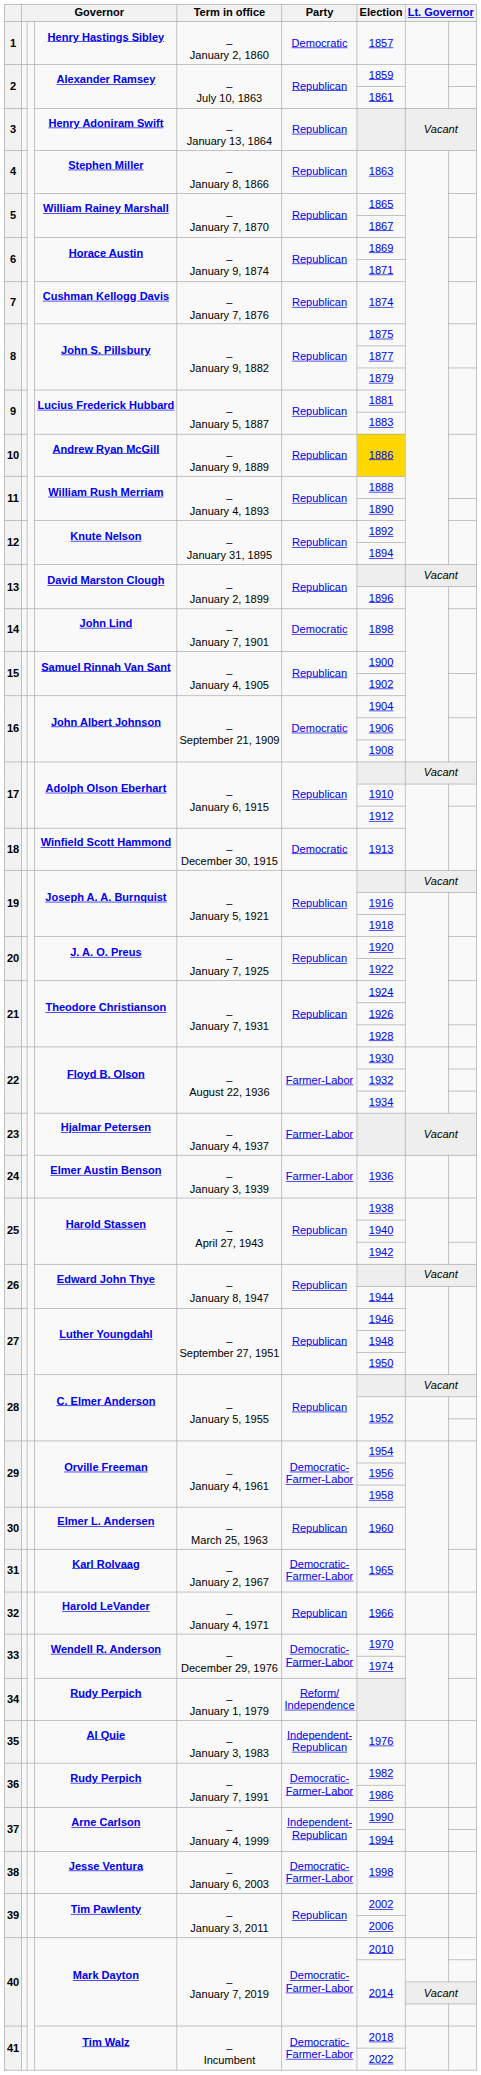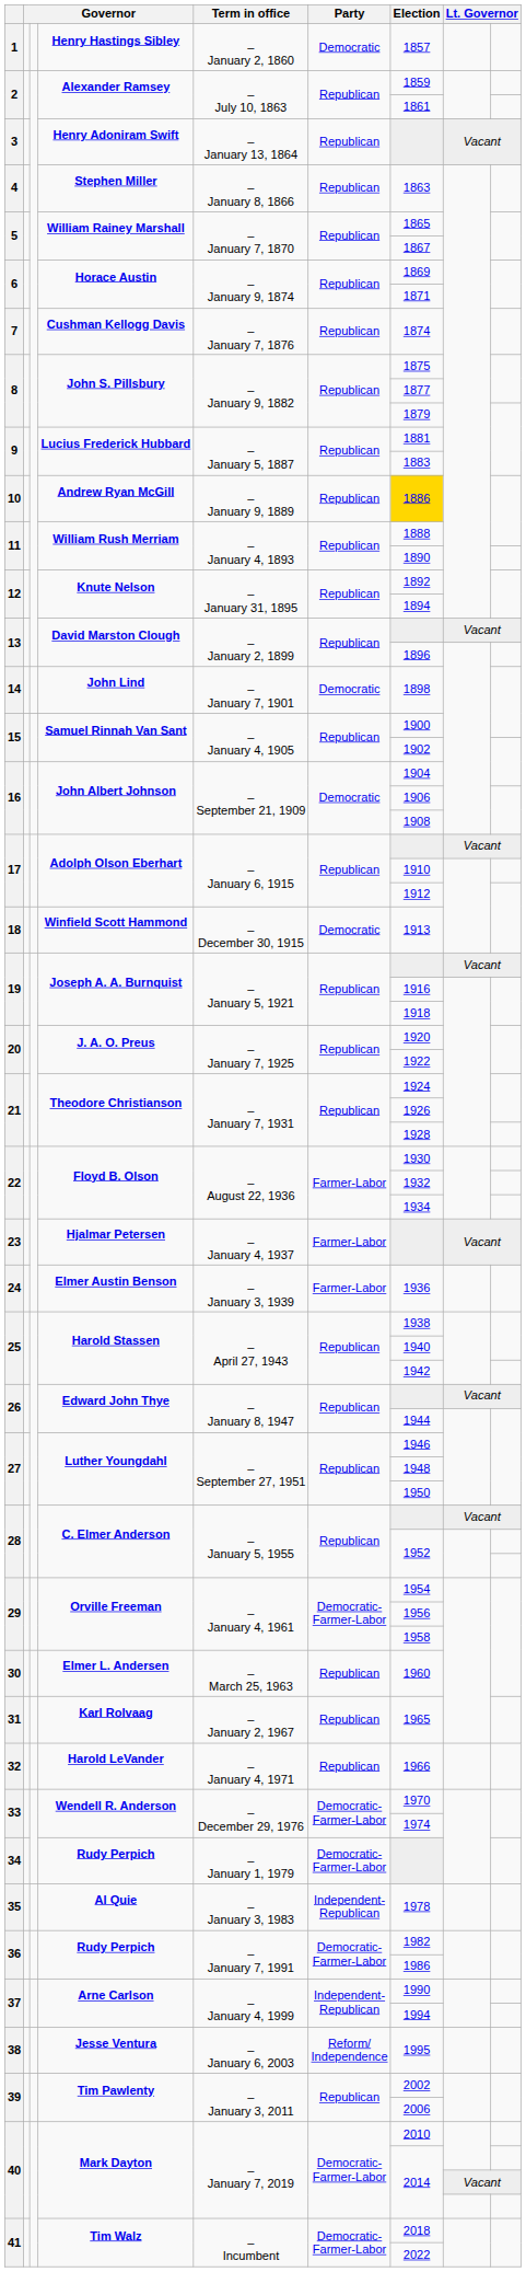 <table class="wikitable sortable mw-collapsible sticky-header-multi" style="text-align:center;">
 <tr>
 <th scope="col" data-sort-type="number"></th>
 <th scope="colgroup" colspan="3">Governor</th>
 <th scope="col">Term in office</th>
 <th scope="col">Party</th>
 <th scope="col">Election</th>
 <th scope="colgroup" colspan="2"><a href='#'>Lt. Governor</a></th>
 </tr>
 <tr style="height:2em;">
 <th scope="row">1</th>
 <td data-sort-value="Sibley, Henry"></td>
 <td style="background:"> </td>
 <td><strong><a href='#'>Henry Hastings Sibley</a></strong><br><br></td>
 <td><br>–<br>January 2, 1860<br></td>
 <td><a href='#'>Democratic</a></td>
 <td><a href='#'>1857</a></td>
 <td style="background:"> </td>
 <td></td>
 </tr>
 <tr style="height:2em;">
 <th rowspan="2" scope="rowgroup">2</th>
 <td rowspan="2" data-sort-value="Ramsey, Alexander"></td>
 <td rowspan="21" style="color:inherit;background:"></td>
 <td rowspan="2"><strong><a href='#'>Alexander Ramsey</a></strong><br><br></td>
 <td rowspan="2"><br>–<br>July 10, 1863<br></td>
 <td rowspan="2"><a href='#'>Republican</a></td>
 <td><a href='#'>1859</a></td>
 <td rowspan="2" style="color:inherit;background:"></td>
 <td></td>
 </tr>
 <tr style="height:2em;">
 <td><a href='#'>1861</a></td>
 <td></td>
 </tr>
 <tr style="height:2em;">
 <th scope="row">3</th>
 <td data-sort-value="Swift, Henry"></td>
 <td><strong><a href='#'>Henry Adoniram Swift</a></strong><br><br></td>
 <td><br>–<br>January 13, 1864<br></td>
 <td><a href='#'>Republican</a></td>
 <td style="background:#EEEEEE"></td>
 <td colspan="2" style="background:#EEEEEE;"><em>Vacant</em></td>
 </tr>
 <tr style="height:2em;">
 <th scope="row">4</th>
 <td data-sort-value="Miller, Stephen"></td>
 <td><strong><a href='#'>Stephen Miller</a></strong><br><br></td>
 <td><br>–<br>January 8, 1866<br></td>
 <td><a href='#'>Republican</a></td>
 <td><a href='#'>1863</a></td>
 <td rowspan="16" style="color:inherit;background:"></td>
 <td></td>
 </tr>
 <tr style="height:2em;">
 <th rowspan="2" scope="rowgroup">5</th>
 <td rowspan="2" data-sort-value="Marshall, William"></td>
 <td rowspan="2"><strong><a href='#'>William Rainey Marshall</a></strong><br><br></td>
 <td rowspan="2"><br>–<br>January 7, 1870<br></td>
 <td rowspan="2"><a href='#'>Republican</a></td>
 <td><a href='#'>1865</a></td>
 <td rowspan="2"></td>
 </tr>
 <tr style="height:2em;">
 <td><a href='#'>1867</a></td>
 </tr>
 <tr style="height:2em;">
 <th rowspan="2" scope="rowgroup">6</th>
 <td rowspan="2" data-sort-value="Austin, Horace"></td>
 <td rowspan="2"><strong><a href='#'>Horace Austin</a></strong><br><br></td>
 <td rowspan="2"><br>–<br>January 9, 1874<br></td>
 <td rowspan="2"><a href='#'>Republican</a></td>
 <td><a href='#'>1869</a></td>
 <td rowspan="2"></td>
 </tr>
 <tr style="height:2em;">
 <td><a href='#'>1871</a></td>
 </tr>
 <tr style="height:2em;">
 <th scope="row">7</th>
 <td data-sort-value="Davis, Cushman"></td>
 <td><strong><a href='#'>Cushman Kellogg Davis</a></strong><br><br></td>
 <td><br>–<br>January 7, 1876<br></td>
 <td><a href='#'>Republican</a></td>
 <td><a href='#'>1874</a></td>
 <td></td>
 </tr>
 <tr style="height:2em;">
 <th rowspan="3" scope="rowgroup">8</th>
 <td rowspan="3" data-sort-value="Pillsbury, John"></td>
 <td rowspan="3"><strong><a href='#'>John S. Pillsbury</a></strong><br><br></td>
 <td rowspan="3"><br>–<br>January 9, 1882<br></td>
 <td rowspan="3"><a href='#'>Republican</a></td>
 <td><a href='#'>1875</a></td>
 <td rowspan="2"></td>
 </tr>
 <tr style="height:2em;">
 <td><a href='#'>1877</a></td>
 </tr>
 <tr style="height:2em;">
 <td><a href='#'>1879</a></td>
 <td rowspan="3"></td>
 </tr>
 <tr style="height:2em;">
 <th rowspan="2" scope="rowgroup">9</th>
 <td rowspan="2" data-sort-value="Hubbard, Lucius"></td>
 <td rowspan="2"><strong><a href='#'>Lucius Frederick Hubbard</a></strong><br><br></td>
 <td rowspan="2"><br>–<br>January 5, 1887<br></td>
 <td rowspan="2"><a href='#'>Republican</a></td>
 <td><a href='#'>1881</a></td>
 </tr>
 <tr style="height:2em;">
 <td><a href='#'>1883</a></td>
 </tr>
 <tr style="height:2em;">
 <th scope="row">10</th>
 <td data-sort-value="McGill, Andrew"></td>
 <td><strong><a href='#'>Andrew Ryan McGill</a></strong><br><br></td>
 <td><br>–<br>January 9, 1889<br></td>
 <td><a href='#'>Republican</a></td>
 <td style="background: gold;"><a href='#'>1886</a></td>
 <td rowspan="2"></td>
 </tr>
 <tr style="height:2em;">
 <th rowspan="2" scope="rowgroup">11</th>
 <td rowspan="2" data-sort-value="Merriam, William"></td>
 <td rowspan="2"><strong><a href='#'>William Rush Merriam</a></strong><br><br></td>
 <td rowspan="2"><br>–<br>January 4, 1893<br></td>
 <td rowspan="2"><a href='#'>Republican</a></td>
 <td><a href='#'>1888</a></td>
 </tr>
 <tr style="height:2em;">
 <td><a href='#'>1890</a></td>
 <td></td>
 </tr>
 <tr style="height:2em;">
 <th rowspan="2" scope="rowgroup">12</th>
 <td rowspan="2" data-sort-value="Nelson, Knute"></td>
 <td rowspan="2"><strong><a href='#'>Knute Nelson</a></strong><br><br></td>
 <td rowspan="2"><br>–<br>January 31, 1895<br></td>
 <td rowspan="2"><a href='#'>Republican</a></td>
 <td><a href='#'>1892</a></td>
 <td rowspan="2"></td>
 </tr>
 <tr style="height:2em;">
 <td><a href='#'>1894</a></td>
 </tr>
 <tr style="height:2em;">
 <th rowspan="2" scope="rowgroup">13</th>
 <td rowspan="2" data-sort-value="Clough, David"></td>
 <td rowspan="2"><strong><a href='#'>David Marston Clough</a></strong><br><br></td>
 <td rowspan="2"><br>–<br>January 2, 1899<br></td>
 <td rowspan="2"><a href='#'>Republican</a></td>
 <td style="background:#EEEEEE"></td>
 <td colspan="2" style="background:#EEEEEE;"><em>Vacant</em></td>
 </tr>
 <tr style="height:2em;">
 <td><a href='#'>1896</a></td>
 <td rowspan="7" style="color:inherit;background:"></td>
 <td></td>
 </tr>
 <tr style="height:2em;">
 <th scope="row">14</th>
 <td data-sort-value="Lind, John"></td>
 <td style="color:inherit;background:"></td>
 <td><strong><a href='#'>John Lind</a></strong><br><br></td>
 <td><br>–<br>January 7, 1901<br></td>
 <td><a href='#'>Democratic</a></td>
 <td><a href='#'>1898</a></td>
 <td rowspan="2"></td>
 </tr>
 <tr style="height:2em;">
 <th rowspan="2" scope="rowgroup">15</th>
 <td rowspan="2" data-sort-value="Van Sant, Samuel"></td>
 <td rowspan="2" style="color:inherit;background:"></td>
 <td rowspan="2"><strong><a href='#'>Samuel Rinnah Van Sant</a></strong><br><br></td>
 <td rowspan="2"><br>–<br>January 4, 1905<br></td>
 <td rowspan="2"><a href='#'>Republican</a></td>
 <td><a href='#'>1900</a></td>
 </tr>
 <tr style="height:2em;">
 <td><a href='#'>1902</a></td>
 <td rowspan="2"></td>
 </tr>
 <tr style="height:2em;">
 <th rowspan="3" scope="rowgroup">16</th>
 <td rowspan="3" data-sort-value="Johnson, John"></td>
 <td rowspan="3" style="color:inherit;background:"></td>
 <td rowspan="3"><strong><a href='#'>John Albert Johnson</a></strong><br><br></td>
 <td rowspan="3"><br>–<br>September 21, 1909<br></td>
 <td rowspan="3"><a href='#'>Democratic</a></td>
 <td><a href='#'>1904</a></td>
 </tr>
 <tr style="height:2em;">
 <td><a href='#'>1906</a></td>
 <td rowspan="2"></td>
 </tr>
 <tr style="height:2em;">
 <td><a href='#'>1908</a></td>
 </tr>
 <tr style="height:2em;">
 <th rowspan="3" scope="rowgroup">17</th>
 <td rowspan="3" data-sort-value="Eberhart, Adolph"></td>
 <td rowspan="3" style="color:inherit;background:"></td>
 <td rowspan="3"><strong><a href='#'>Adolph Olson Eberhart</a></strong><br><br></td>
 <td rowspan="3"><br>–<br>January 6, 1915<br></td>
 <td rowspan="3"><a href='#'>Republican</a></td>
 <td style="background:#EEEEEE"></td>
 <td colspan="2" style="background:#EEEEEE;"><em>Vacant</em></td>
 </tr>
 <tr style="height:2em;">
 <td><a href='#'>1910</a></td>
 <td rowspan="3" style="color:inherit;background:"></td>
 <td></td>
 </tr>
 <tr style="height:2em;">
 <td><a href='#'>1912</a></td>
 <td rowspan="2"></td>
 </tr>
 <tr style="height:2em;">
 <th scope="row">18</th>
 <td data-sort-value="Hammond, Winfield"></td>
 <td style="color:inherit;background:"></td>
 <td><strong><a href='#'>Winfield Scott Hammond</a></strong><br><br></td>
 <td><br>–<br> December 30, 1915<br></td>
 <td><a href='#'>Democratic</a></td>
 <td><a href='#'>1913</a></td>
 </tr>
 <tr style="height:2em;">
 <th rowspan="3" scope="rowgroup">19</th>
 <td rowspan="3" data-sort-value="Burnquist, Joseph"></td>
 <td rowspan="8" style="color:inherit;background:"></td>
 <td rowspan="3"><strong><a href='#'>Joseph A. A. Burnquist</a></strong><br><br></td>
 <td rowspan="3"><br>–<br>January 5, 1921<br></td>
 <td rowspan="3"><a href='#'>Republican</a></td>
 <td style="background:#EEEEEE"></td>
 <td colspan="2" style="background:#EEEEEE;"><em>Vacant</em></td>
 </tr>
 <tr style="height:2em;">
 <td><a href='#'>1916</a></td>
 <td rowspan="7" style="color:inherit;background:"></td>
 <td rowspan="2"></td>
 </tr>
 <tr style="height:2em;">
 <td><a href='#'>1918</a></td>
 </tr>
 <tr style="height:2em;">
 <th rowspan="2" scope="rowgroup">20</th>
 <td rowspan="2" data-sort-value="Preus, J."></td>
 <td rowspan="2"><strong><a href='#'>J. A. O. Preus</a></strong><br><br></td>
 <td rowspan="2"><br>–<br>January 7, 1925<br></td>
 <td rowspan="2"><a href='#'>Republican</a></td>
 <td><a href='#'>1920</a></td>
 <td rowspan="2"></td>
 </tr>
 <tr style="height:2em;">
 <td><a href='#'>1922</a></td>
 </tr>
 <tr style="height:2em;">
 <th rowspan="3" scope="rowgroup">21</th>
 <td rowspan="3" data-sort-value="Christianson, Theodore"></td>
 <td rowspan="3"><strong><a href='#'>Theodore Christianson</a></strong><br><br></td>
 <td rowspan="3"><br>–<br>January 7, 1931<br></td>
 <td rowspan="3"><a href='#'>Republican</a></td>
 <td><a href='#'>1924</a></td>
 <td rowspan="2"></td>
 </tr>
 <tr style="height:2em;">
 <td><a href='#'>1926</a></td>
 </tr>
 <tr style="height:2em;">
 <td><a href='#'>1928</a></td>
 <td></td>
 </tr>
 <tr style="height:2em;">
 <th rowspan="3" scope="rowgroup">22</th>
 <td rowspan="3" data-sort-value="Olson, Floyd"></td>
 <td rowspan="5" style="color:inherit;background:"></td>
 <td rowspan="3"><strong><a href='#'>Floyd B. Olson</a></strong><br><br></td>
 <td rowspan="3"><br>–<br>August 22, 1936<br></td>
 <td rowspan="3"><a href='#'>Farmer-Labor</a></td>
 <td><a href='#'>1930</a></td>
 <td rowspan="3" style="color:inherit;background:"></td>
 <td></td>
 </tr>
 <tr style="height:2em;">
 <td><a href='#'>1932</a></td>
 <td></td>
 </tr>
 <tr style="height:2em;">
 <td><a href='#'>1934</a></td>
 <td></td>
 </tr>
 <tr style="height:2em;">
 <th scope="row">23</th>
 <td data-sort-value="Petersen, Hjalmar"></td>
 <td><strong><a href='#'>Hjalmar Petersen</a></strong><br><br></td>
 <td><br>–<br>January 4, 1937<br></td>
 <td><a href='#'>Farmer-Labor</a></td>
 <td style="background:#EEEEEE"></td>
 <td colspan="2" style="background:#EEEEEE;"><em>Vacant</em></td>
 </tr>
 <tr style="height:2em;">
 <th scope="row">24</th>
 <td data-sort-value="Benson, Elmer"></td>
 <td><strong><a href='#'>Elmer Austin Benson</a></strong><br><br></td>
 <td><br>–<br>January 3, 1939<br></td>
 <td><a href='#'>Farmer-Labor</a></td>
 <td><a href='#'>1936</a></td>
 <td style="color:inherit;background:"></td>
 <td></td>
 </tr>
 <tr style="height:2em;">
 <th rowspan="3" scope="rowgroup">25</th>
 <td rowspan="3" data-sort-value="Stassen, Harold"></td>
 <td rowspan="11" style="color:inherit;background:"></td>
 <td rowspan="3"><strong><a href='#'>Harold Stassen</a></strong><br><br></td>
 <td rowspan="3"><br>–<br>April 27, 1943<br></td>
 <td rowspan="3"><a href='#'>Republican</a></td>
 <td><a href='#'>1938</a></td>
 <td rowspan="3" style="color:inherit;background:"></td>
 <td rowspan="2"></td>
 </tr>
 <tr style="height:2em;">
 <td><a href='#'>1940</a></td>
 </tr>
 <tr style="height:2em;">
 <td><a href='#'>1942</a></td>
 <td></td>
 </tr>
 <tr style="height:2em;">
 <th rowspan="2" scope="rowgroup">26</th>
 <td rowspan="2" data-sort-value="Thye, Edward"></td>
 <td rowspan="2"><strong><a href='#'>Edward John Thye</a></strong><br><br></td>
 <td rowspan="2"><br>–<br>January 8, 1947<br></td>
 <td rowspan="2"><a href='#'>Republican</a></td>
 <td style="background:#EEEEEE"></td>
 <td colspan="2" style="background:#EEEEEE;"><em>Vacant</em></td>
 </tr>
 <tr style="height:2em;">
 <td><a href='#'>1944</a></td>
 <td rowspan="4" style="color:inherit;background:"></td>
 <td rowspan="4"></td>
 </tr>
 <tr style="height:2em;">
 <th rowspan="3" scope="rowgroup">27</th>
 <td rowspan="3" data-sort-value="Youngdahl, Luther"></td>
 <td rowspan="3"><strong><a href='#'>Luther Youngdahl</a></strong><br><br></td>
 <td rowspan="3"><br>–<br>September 27, 1951<br></td>
 <td rowspan="3"><a href='#'>Republican</a></td>
 <td><a href='#'>1946</a></td>
 </tr>
 <tr style="height:2em;">
 <td><a href='#'>1948</a></td>
 </tr>
 <tr style="height:2em;">
 <td><a href='#'>1950</a></td>
 </tr>
 <tr style="height:2em;">
 <th rowspan="3" scope="rowgroup">28</th>
 <td rowspan="3" data-sort-value="Anderson, Elmer"></td>
 <td rowspan="3"><strong><a href='#'>C. Elmer Anderson</a></strong><br><br></td>
 <td rowspan="3"><br>–<br>January 5, 1955<br></td>
 <td rowspan="3"><a href='#'>Republican</a></td>
 <td style="background:#EEEEEE"></td>
 <td colspan="2" style="background:#EEEEEE;"><em>Vacant</em></td>
 </tr>
 <tr style="height:2em;">
 <td rowspan="2"><a href='#'>1952</a></td>
 <td rowspan="2" style="color:inherit;background:"></td>
 <td></td>
 </tr>
 <tr style="height:2em;">
 <td></td>
 </tr>
 <tr style="height:2em;">
 <th rowspan="3" scope="rowgroup">29</th>
 <td rowspan="3" data-sort-value="Freeman, Orville"></td>
 <td rowspan="3" style="color:inherit;background:"></td>
 <td rowspan="3"><strong><a href='#'>Orville Freeman</a></strong><br><br></td>
 <td rowspan="3"><br>–<br>January 4, 1961<br></td>
 <td rowspan="3"><a href='#'>Democratic-<br>Farmer-Labor</a></td>
 <td><a href='#'>1954</a></td>
 <td rowspan="5" style="color:inherit;background:"></td>
 <td rowspan="4"></td>
 </tr>
 <tr style="height:2em;">
 <td><a href='#'>1956</a></td>
 </tr>
 <tr style="height:2em;">
 <td><a href='#'>1958</a></td>
 </tr>
 <tr style="height:2em;">
 <th scope="row">30</th>
 <td data-sort-value="Andersen, Elmer"></td>
 <td style="color:inherit;background:"></td>
 <td><strong><a href='#'>Elmer L. Andersen</a></strong><br><br></td>
 <td><br>–<br>March 25, 1963<br></td>
 <td><a href='#'>Republican</a></td>
 <td><a href='#'>1960</a></td>
 </tr>
 <tr style="height:2em;">
 <th scope="row">31</th>
 <td data-sort-value="Rolvaag, Karl"></td>
 <td style="color:inherit;background:"></td>
 <td><strong><a href='#'>Karl Rolvaag</a></strong><br><br></td>
 <td><br>–<br>January 2, 1967<br></td>
-<td><a href='#'>Democratic-<br>Farmer-Labor</a></td>
+<td><a href='#'>Republican</a></td>
 <td><a href='#'>1965</a></td>
 <td></td>
 </tr>
 <tr style="height:2em;">
 <th scope="row">32</th>
 <td data-sort-value="LeVander, Harold"></td>
 <td style="color:inherit;background:"></td>
 <td><strong><a href='#'>Harold LeVander</a></strong><br><br></td>
 <td><br>–<br>January 4, 1971<br></td>
 <td><a href='#'>Republican</a></td>
 <td><a href='#'>1966</a></td>
 <td style="color:inherit;background:"></td>
 <td></td>
 </tr>
 <tr style="height:2em;">
 <th rowspan="2" scope="rowgroup">33</th>
 <td rowspan="2" data-sort-value="Anderson, Wendell"></td>
 <td rowspan="3" style="color:inherit;background:"></td>
 <td rowspan="2"><strong><a href='#'>Wendell R. Anderson</a></strong><br><br></td>
 <td rowspan="2"><br>–<br>December 29, 1976<br></td>
 <td rowspan="2"><a href='#'>Democratic-<br>Farmer-Labor</a></td>
 <td><a href='#'>1970</a></td>
 <td rowspan="3" style="color:inherit;background:"></td>
 <td rowspan="2"></td>
 </tr>
 <tr style="height:2em;">
 <td><a href='#'>1974</a></td>
 </tr>
 <tr style="height:2em;">
 <th scope="row">34</th>
 <td data-sort-value="Perpich, Rudy"></td>
 <td><strong><a href='#'>Rudy Perpich</a></strong><br><br></td>
 <td><br>–<br>January 1, 1979<br></td>
-<td><a href='#'>Reform/<br>Independence</a></td>
+<td><a href='#'>Democratic-<br>Farmer-Labor</a></td>
 <td style="background:#EEEEEE"></td>
 <td></td>
 </tr>
 <tr style="height:2em;">
 <th scope="row">35</th>
 <td data-sort-value="Quie, Al"></td>
 <td style="color:inherit;background:"></td>
 <td><strong><a href='#'>Al Quie</a></strong><br><br></td>
 <td><br>–<br>January 3, 1983<br></td>
 <td><a href='#'>Independent-<br>Republican</a></td>
-<td><a href='#'>1976</a></td>
+<td><a href='#'>1978</a></td>
 <td style="color:inherit;background:"></td>
 <td></td>
 </tr>
 <tr style="height:2em;">
 <th rowspan="2" scope="rowgroup">36</th>
 <td rowspan="2" data-sort-value="Perpich, Rudy"></td>
 <td rowspan="2" style="color:inherit;background:"></td>
 <td rowspan="2"><strong><a href='#'>Rudy Perpich</a></strong><br><br></td>
 <td rowspan="2"><br>–<br>January 7, 1991<br></td>
 <td rowspan="2"><a href='#'>Democratic-<br>Farmer-Labor</a></td>
 <td><a href='#'>1982</a></td>
 <td rowspan="2" style="color:inherit;background:"></td>
 <td rowspan="2"></td>
 </tr>
 <tr style="height:2em;">
 <td><a href='#'>1986</a></td>
 </tr>
 <tr style="height:2em;">
 <th rowspan="2" scope="rowgroup">37</th>
 <td rowspan="2" data-sort-value="Carlson, Arne"></td>
 <td rowspan="2" style="color:inherit;background:"></td>
 <td rowspan="2"><strong><a href='#'>Arne Carlson</a></strong><br><br></td>
 <td rowspan="2"><br>–<br>January 4, 1999<br></td>
 <td rowspan="2"><a href='#'>Independent-<br>Republican</a></td>
 <td><a href='#'>1990</a></td>
 <td rowspan="2" style="color:inherit;background:"></td>
 <td></td>
 </tr>
 <tr style="height:2em;">
 <td><a href='#'>1994</a></td>
 <td></td>
 </tr>
 <tr style="height:2em;">
 <th scope="row">38</th>
 <td data-sort-value="Ventura, Jesse"></td>
 <td style="color:inherit;background:"></td>
 <td><strong><a href='#'>Jesse Ventura</a></strong><br><br></td>
 <td><br>–<br>January 6, 2003<br></td>
-<td><a href='#'>Democratic-<br>Farmer-Labor</a></td>
-<td><a href='#'>1998</a></td>
+<td><a href='#'>Reform/<br>Independence</a></td>
+<td><a href='#'>1995</a></td>
 <td style="color:inherit;background:"></td>
 <td></td>
 </tr>
 <tr style="height:2em;">
 <th rowspan="2" scope="rowgroup">39</th>
 <td rowspan="2" data-sort-value="Pawlenty, Tim"></td>
 <td rowspan="2" style="color:inherit;background:"></td>
 <td rowspan="2"><strong><a href='#'>Tim Pawlenty</a></strong><br><br></td>
 <td rowspan="2"><br>–<br>January 3, 2011<br></td>
 <td rowspan="2"><a href='#'>Republican</a></td>
 <td><a href='#'>2002</a></td>
 <td rowspan="2" style="color:inherit;background:"></td>
 <td rowspan="2"></td>
 </tr>
 <tr style="height:2em;">
 <td><a href='#'>2006</a></td>
 </tr>
 <tr style="height:2em;">
 <th rowspan="4" scope="rowgroup">40</th>
 <td rowspan="4" data-sort-value="Dayton, Mark"></td>
 <td rowspan="6" style="color:inherit;background:"></td>
 <td rowspan="4"><strong><a href='#'>Mark Dayton</a></strong><br><br></td>
 <td rowspan="4"><br>–<br>January 7, 2019<br></td>
 <td rowspan="4"><a href='#'>Democratic-<br>Farmer-Labor</a></td>
 <td><a href='#'>2010</a></td>
 <td rowspan="2" style="color:inherit;background:"></td>
 <td></td>
 </tr>
 <tr style="height:2em;">
 <td rowspan="3"><a href='#'>2014</a></td>
 <td><br></td>
 </tr>
 <tr style="height:2em;">
 <td colspan="2" style="background:#EEEEEE;"><em>Vacant</em></td>
 </tr>
 <tr style="height:2em;">
 <td style="color:inherit;background:"></td>
 <td><br></td>
 </tr>
 <tr style="height:2em;">
 <th rowspan="2" scope="rowgroup">41</th>
 <td rowspan="2" data-sort-value="Walz, Tim"></td>
 <td rowspan="2"><strong><a href='#'>Tim Walz</a></strong><br><br></td>
 <td rowspan="2"><br>–<br>Incumbent</td>
 <td rowspan="2"><a href='#'>Democratic-<br>Farmer-Labor</a></td>
 <td><a href='#'>2018</a></td>
 <td rowspan="2" style="color:inherit;background:"></td>
 <td rowspan="2"></td>
 </tr>
 <tr style="height:2em;">
 <td><a href='#'>2022</a></td>
 </tr>
 </table>
